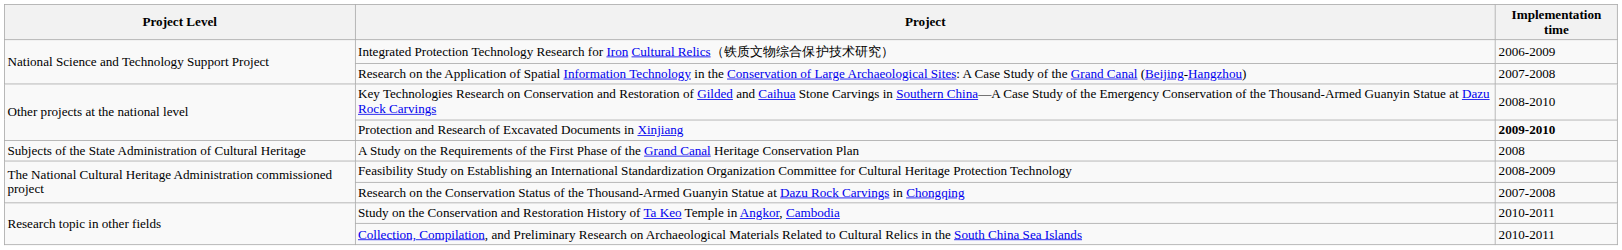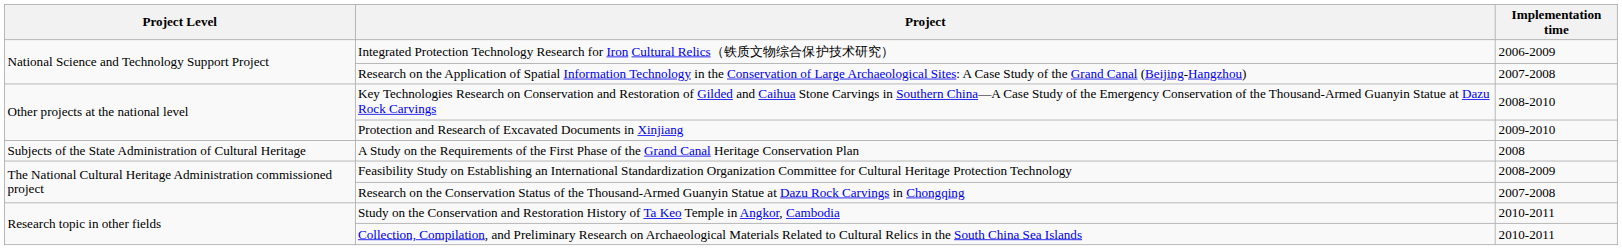 <table class="wikitable">
 <tr>
 <th>Project Level</th>
 <th>Project</th>
 <th>Implementation time</th>
 </tr>
 <tr>
 <td rowspan="2">National Science and Technology Support Project</td>
 <td>Integrated Protection Technology Research for <a href='#'>Iron</a> <a href='#'>Cultural Relics</a>（铁质文物综合保护技术研究）</td>
 <td>2006-2009</td>
 </tr>
 <tr>
 <td>Research on the Application of Spatial <a href='#'>Information Technology</a> in the <a href='#'>Conservation of Large Archaeological Sites</a>: A Case Study of the <a href='#'>Grand Canal</a> (<a href='#'>Beijing</a>-<a href='#'>Hangzhou</a>)</td>
 <td>2007-2008</td>
 </tr>
 <tr>
 <td rowspan="2">Other projects at the national level</td>
 <td>Key Technologies Research on Conservation and Restoration of <a href='#'>Gilded</a> and <a href='#'>Caihua</a> Stone Carvings in <a href='#'>Southern China</a>—A Case Study of the Emergency Conservation of the Thousand-Armed Guanyin Statue at <a href='#'>Dazu Rock Carvings</a></td>
 <td>2008-2010</td>
 </tr>
 <tr>
 <td>Protection and Research of Excavated Documents in <a href='#'>Xinjiang</a></td>
-<td><strong>2009-2010</strong></td>
+<td>2009-2010</td>
 </tr>
 <tr>
 <td>Subjects of the State Administration of Cultural Heritage</td>
 <td>A Study on the Requirements of the First Phase of the <a href='#'>Grand Canal</a> Heritage Conservation Plan</td>
 <td>2008</td>
 </tr>
 <tr>
 <td rowspan="2">The National Cultural Heritage Administration commissioned project</td>
 <td>Feasibility Study on Establishing an International Standardization Organization Committee for Cultural Heritage Protection Technology</td>
 <td>2008-2009</td>
 </tr>
 <tr>
 <td>Research on the Conservation Status of the Thousand-Armed Guanyin Statue at <a href='#'>Dazu Rock Carvings</a> in <a href='#'>Chongqing</a></td>
 <td>2007-2008</td>
 </tr>
 <tr>
 <td rowspan="2">Research topic in other fields</td>
 <td>Study on the Conservation and Restoration History of <a href='#'>Ta Keo</a> Temple in <a href='#'>Angkor</a>, <a href='#'>Cambodia</a></td>
 <td>2010-2011</td>
 </tr>
 <tr>
 <td><a href='#'>Collection, Compilation</a>, and Preliminary Research on Archaeological Materials Related to Cultural Relics in the <a href='#'>South China Sea Islands</a></td>
 <td>2010-2011</td>
 </tr>
 </table>
